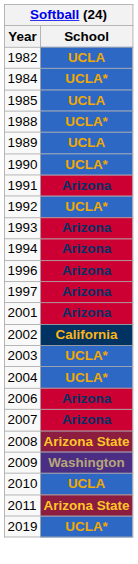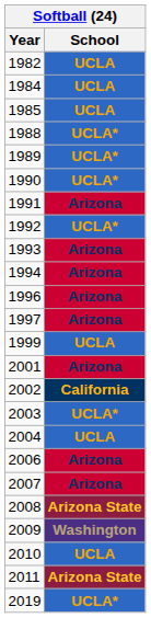 <table class="wikitable">
 <tr>
 <th colspan=2><a href='#'>Softball</a> (24)</th>
 </tr>
 <tr>
 <th>Year</th>
 <th>School</th>
 </tr>
 <tr>
 <td>1982</td>
 <th style="background:#2D68C4; color:#F2A900;">UCLA</th>
 </tr>
 <tr>
 <td>1984</td>
-<th style="background:#2D68C4; color:#F2A900;">UCLA*</th>
+<th style="background:#2D68C4; color:#F2A900;">UCLA</th>
 </tr>
 <tr>
 <td>1985</td>
 <th style="background:#2D68C4; color:#F2A900;">UCLA</th>
 </tr>
 <tr>
 <td>1988</td>
 <th style="background:#2D68C4; color:#F2A900;">UCLA*</th>
 </tr>
 <tr>
 <td>1989</td>
-<th style="background:#2D68C4; color:#F2A900;">UCLA</th>
+<th style="background:#2D68C4; color:#F2A900;">UCLA*</th>
 </tr>
 <tr>
 <td>1990</td>
 <th style="background:#2D68C4; color:#F2A900;">UCLA*</th>
 </tr>
 <tr>
 <td>1991</td>
 <th style="background:#CC0033; color:#003366;">Arizona</th>
 </tr>
 <tr>
 <td>1992</td>
 <th style="background:#2D68C4; color:#F2A900;">UCLA*</th>
 </tr>
 <tr>
 <td>1993</td>
 <th style="background:#CC0033; color:#003366;">Arizona</th>
 </tr>
 <tr>
 <td>1994</td>
 <th style="background:#CC0033; color:#003366;">Arizona</th>
 </tr>
 <tr>
 <td>1996</td>
 <th style="background:#CC0033; color:#003366;">Arizona</th>
 </tr>
 <tr>
 <td>1997</td>
 <th style="background:#CC0033; color:#003366;">Arizona</th>
 </tr>
 <tr>
+<td>1999</td>
+<th style="background:#2D68C4; color:#F2A900;">UCLA</th>
+</tr>
+<tr>
 <td>2001</td>
 <th style="background:#CC0033; color:#003366;">Arizona</th>
 </tr>
 <tr>
 <td>2002</td>
 <th style="background:#003262; color:#FDB515;">California</th>
 </tr>
 <tr>
 <td>2003</td>
 <th style="background:#2D68C4; color:#F2A900;">UCLA*</th>
 </tr>
 <tr>
 <td>2004</td>
-<th style="background:#2D68C4; color:#F2A900;">UCLA*</th>
+<th style="background:#2D68C4; color:#F2A900;">UCLA</th>
 </tr>
 <tr>
 <td>2006</td>
 <th style="background:#CC0033; color:#003366;">Arizona</th>
 </tr>
 <tr>
 <td>2007</td>
 <th style="background:#CC0033; color:#003366;">Arizona</th>
 </tr>
 <tr>
 <td>2008</td>
 <th style="background:#8C1D40; color:#FFC627;">Arizona State</th>
 </tr>
 <tr>
 <td>2009</td>
 <th style="background:#4B2E83; color:#B7A57A;">Washington</th>
 </tr>
 <tr>
 <td>2010</td>
 <th style="background:#2D68C4; color:#F2A900;">UCLA</th>
 </tr>
 <tr>
 <td>2011</td>
 <th style="background:#8C1D40; color:#FFC627;">Arizona State</th>
 </tr>
 <tr>
 <td>2019</td>
 <th style="background:#2D68C4; color:#F2A900;">UCLA*</th>
 </tr>
 </table>
